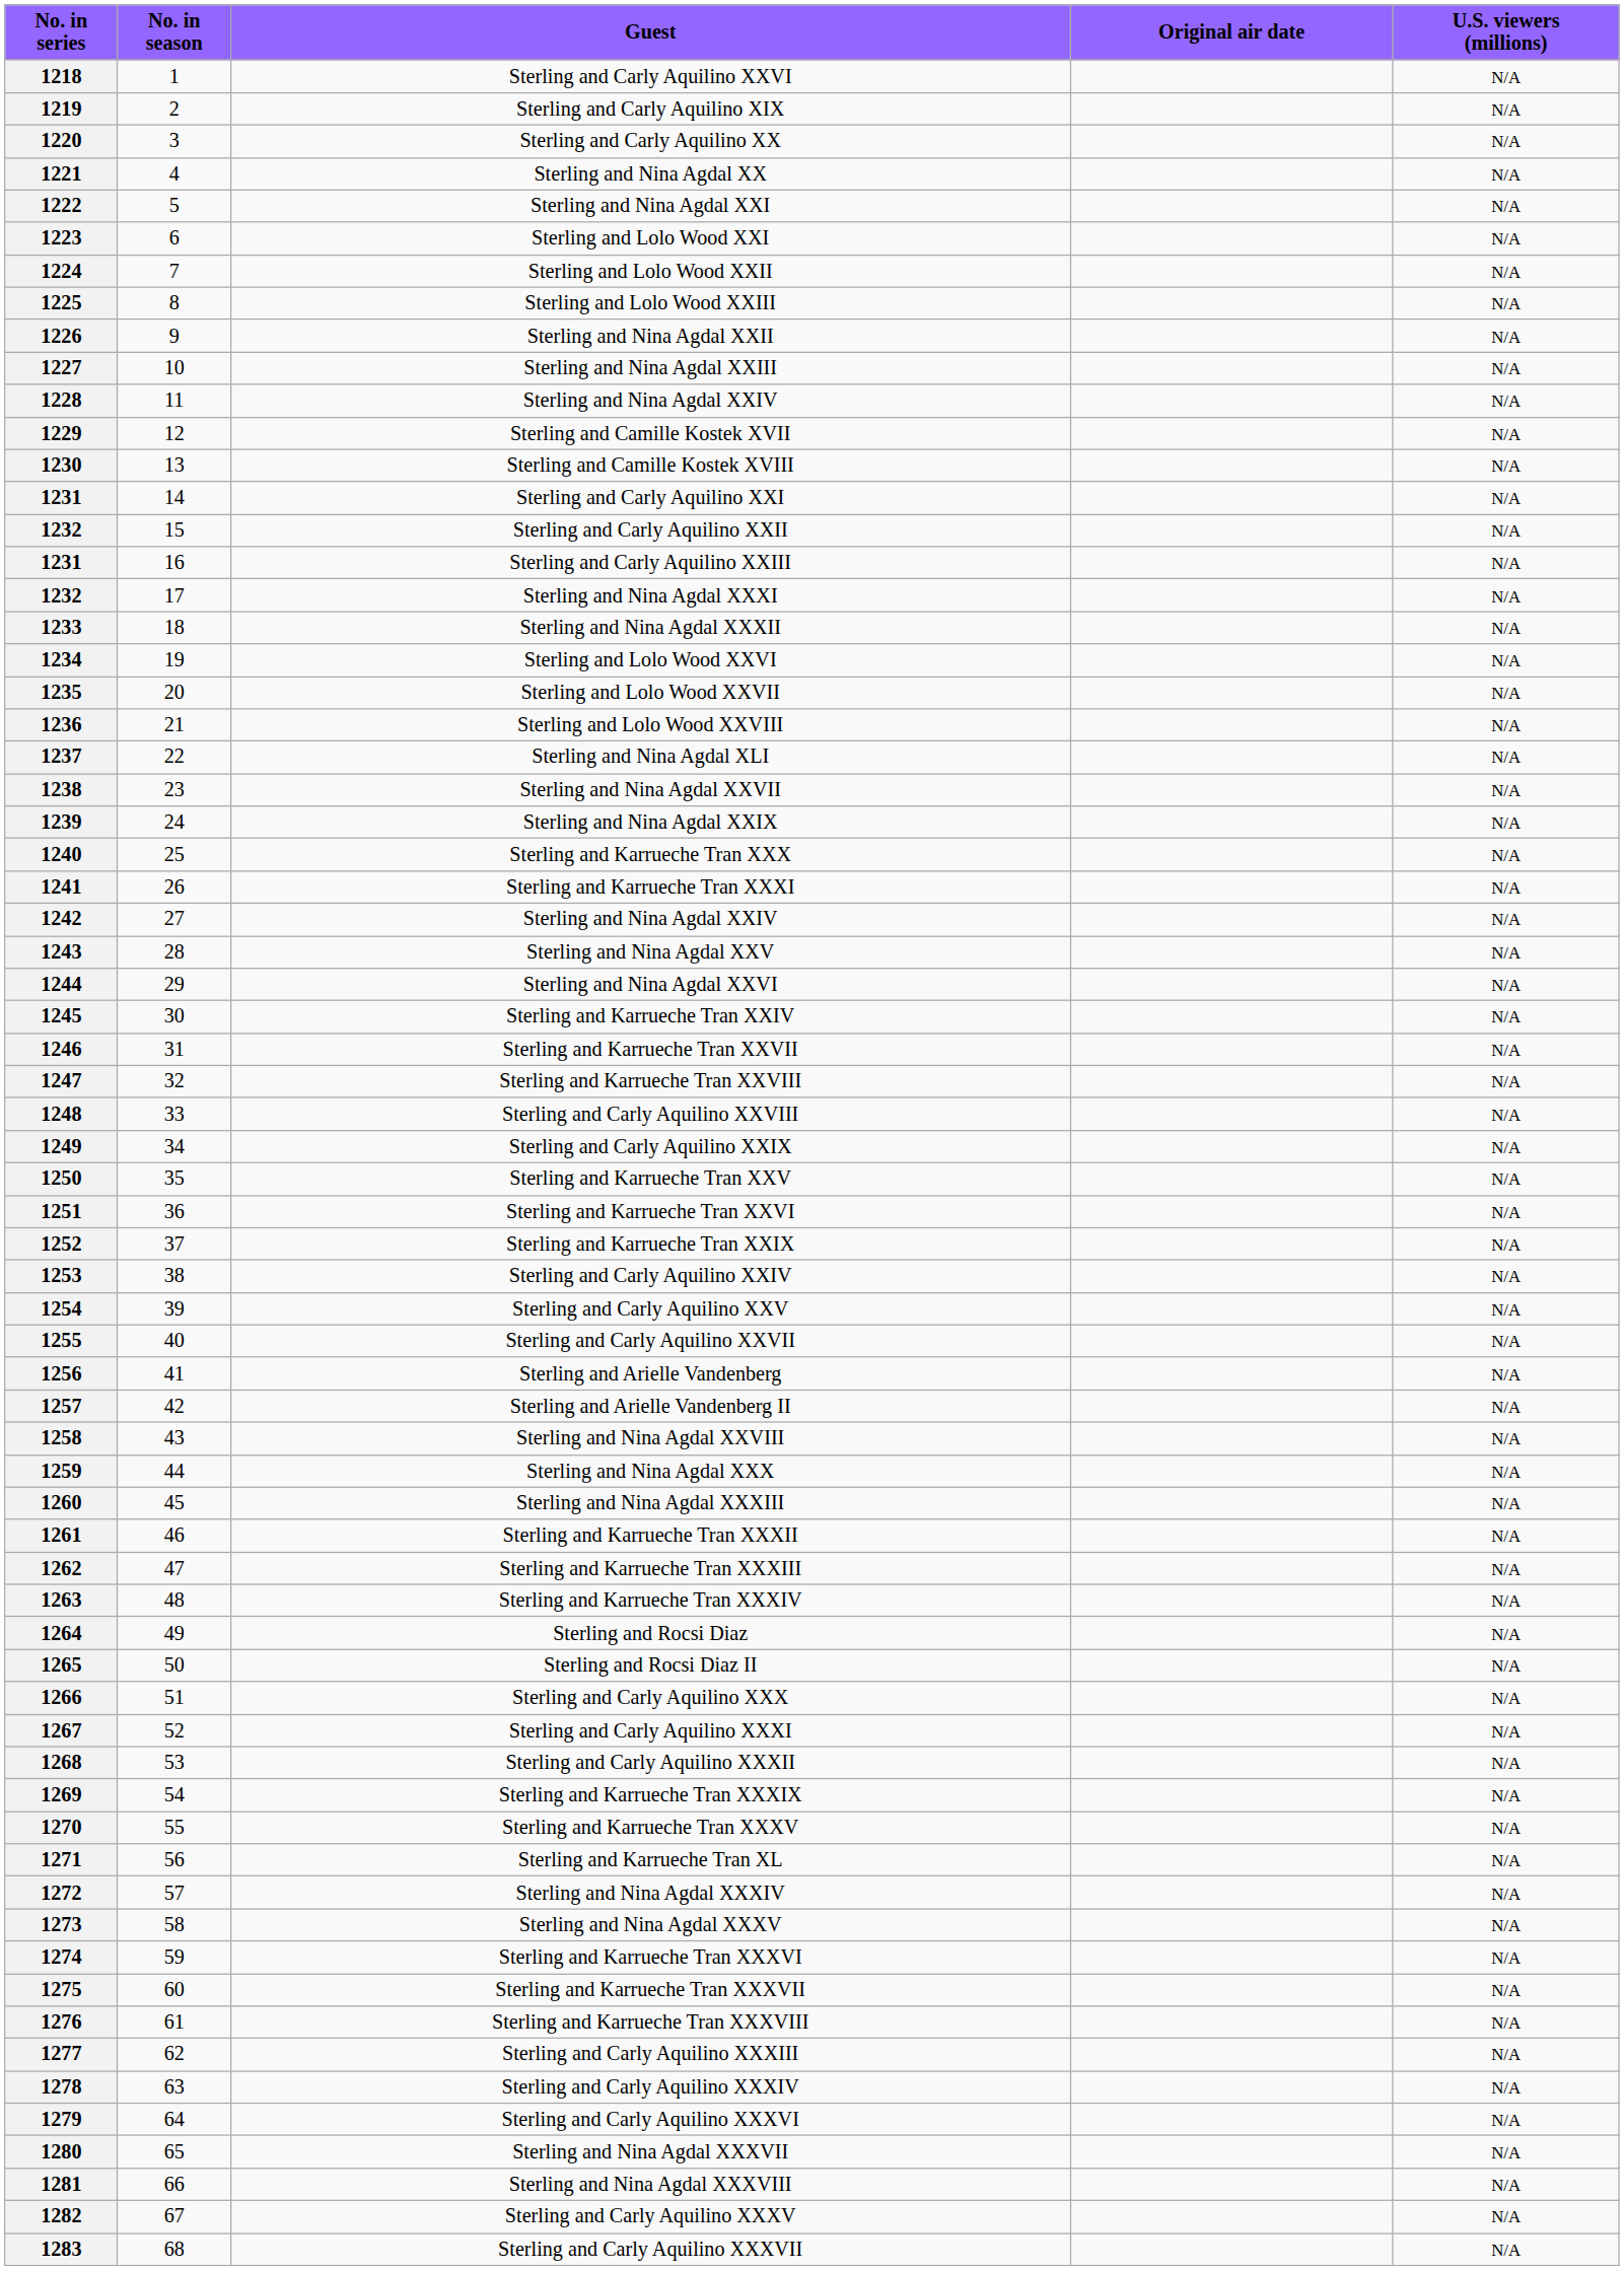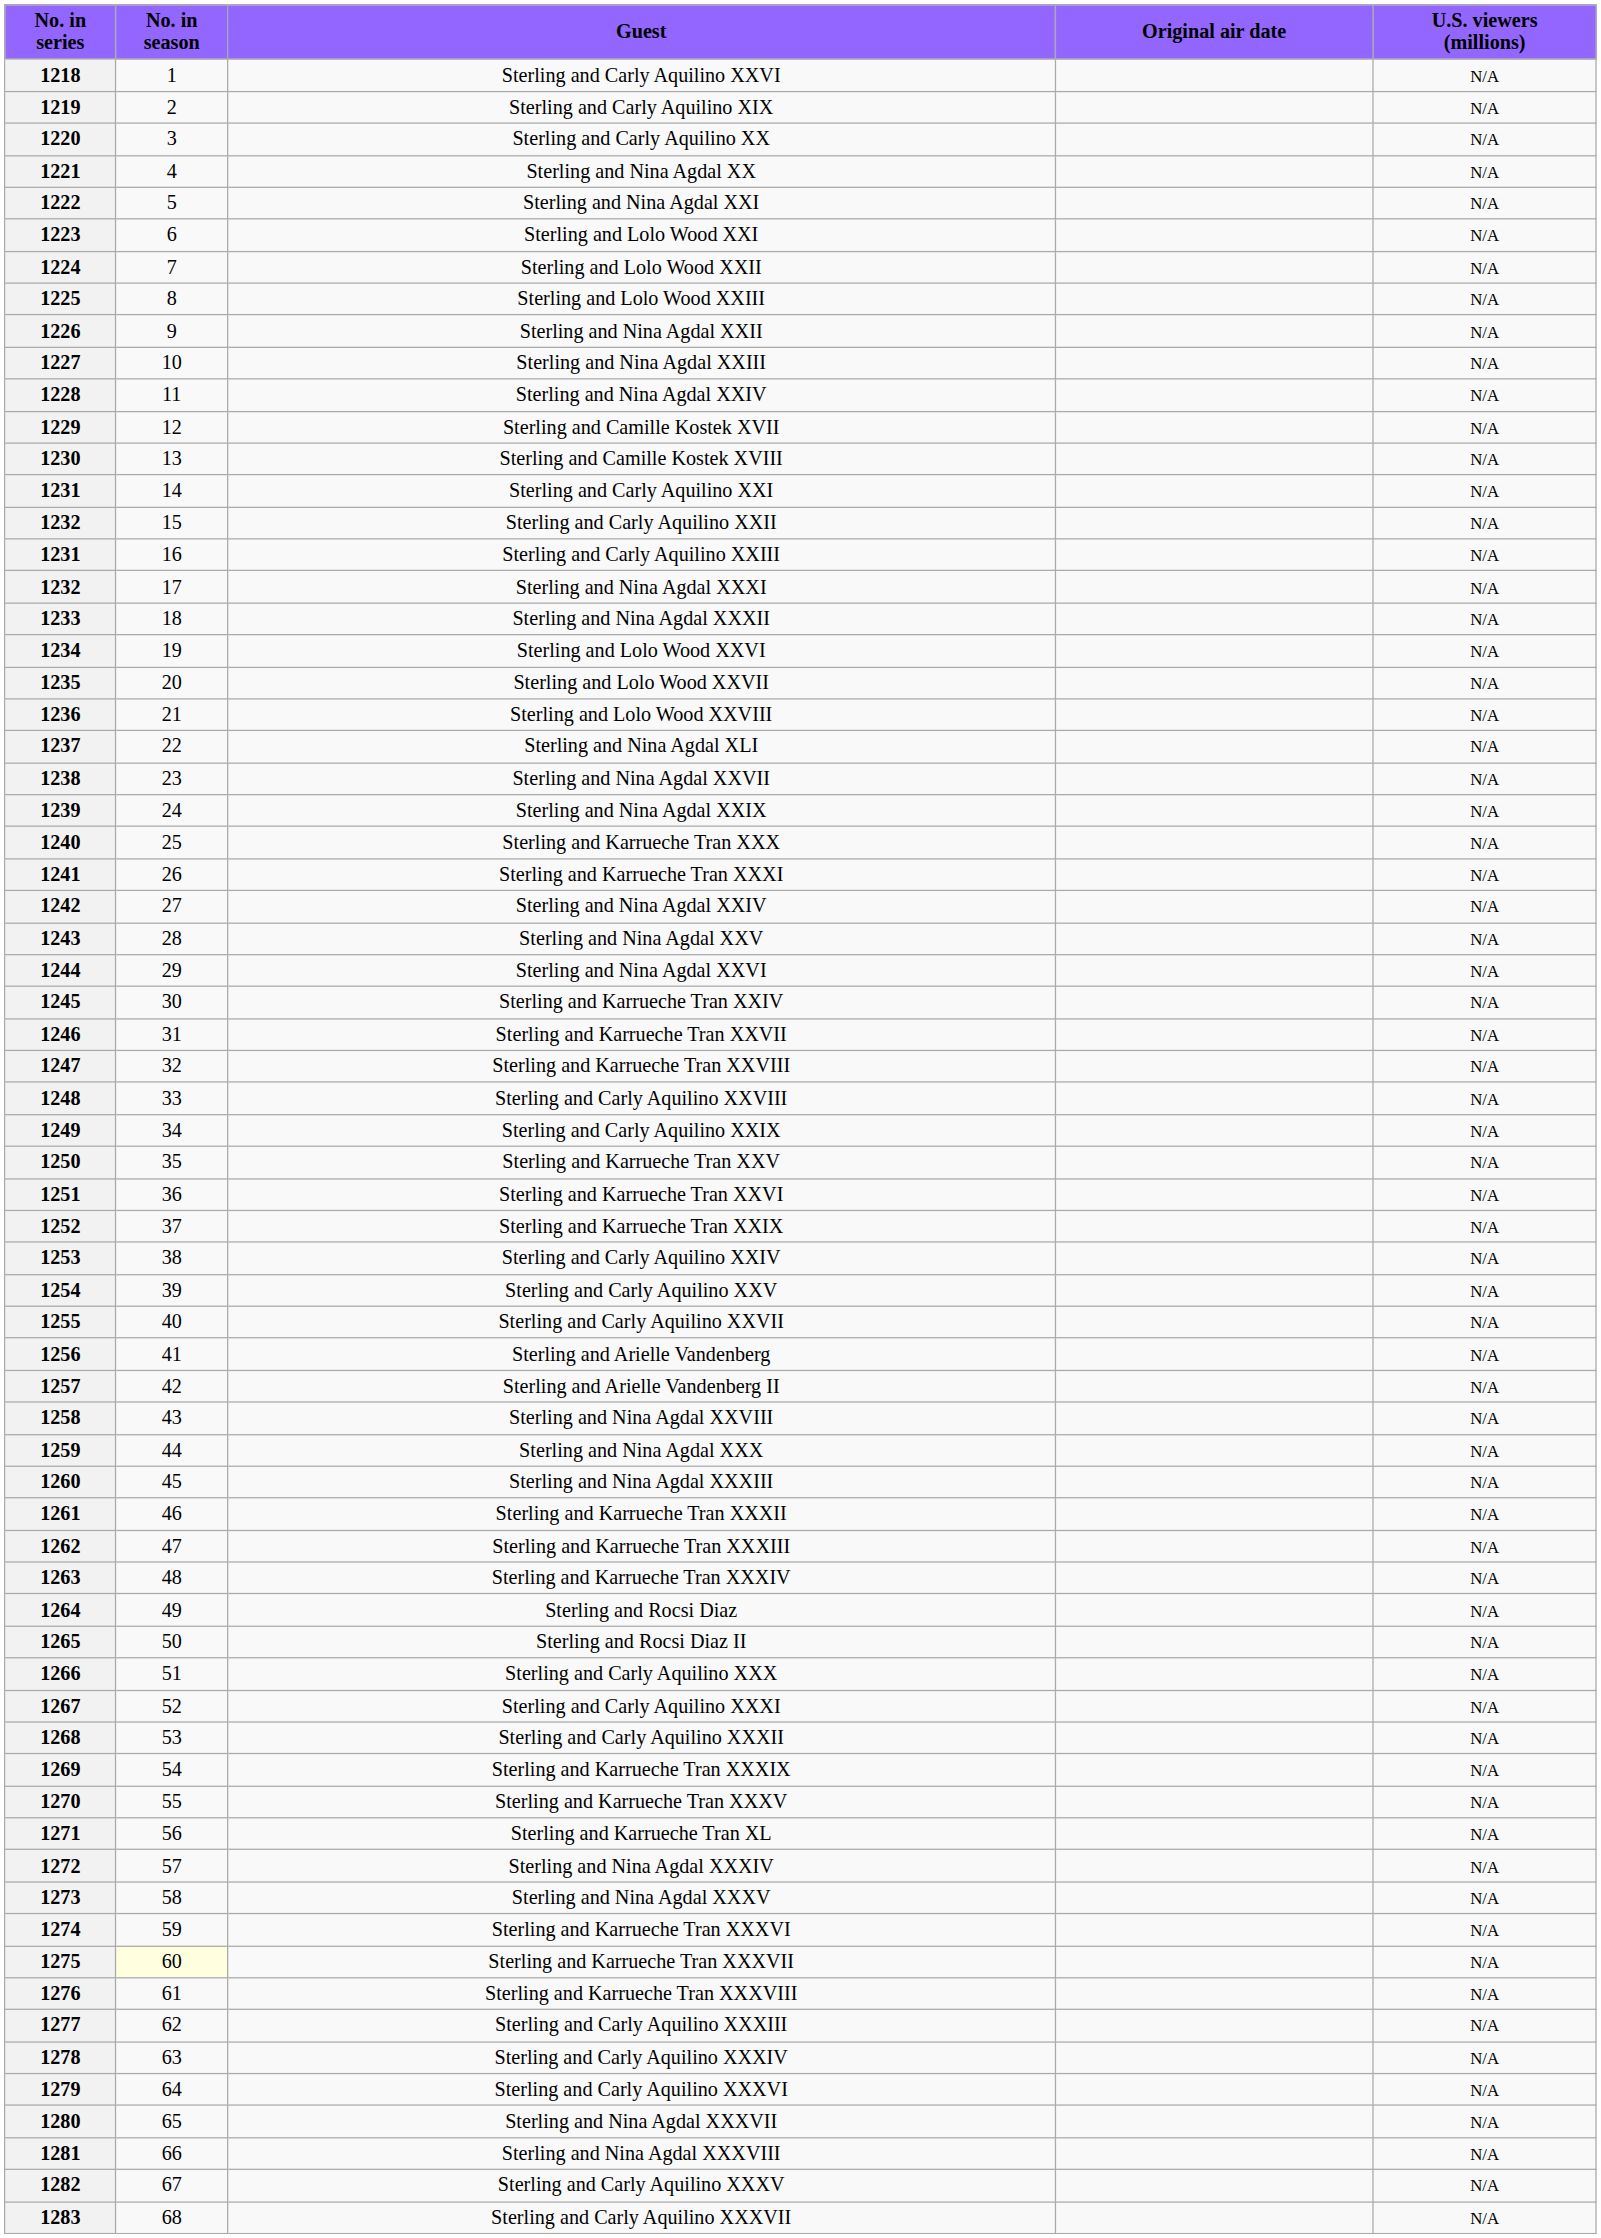 <table class="wikitable plainrowheaders" style="width:100%;text-align: center">
 <tr>
 <th scope="col" style="background-color: #9366FF; color: #000000;" width=7%>No. in<br>series</th>
 <th scope="col" style="background-color: #9366FF; color: #000000;" width=7%>No. in<br>season</th>
 <th scope="col" style="background-color: #9366FF; color: #000000;">Guest</th>
 <th scope="col" style="background-color: #9366FF; color: #000000;" width=20%>Original air date</th>
 <th scope="col" style="background-color: #9366FF; color: #000000;" width=14%>U.S. viewers<br>(millions)</th>
 </tr>
 <tr>
 <th>1218</th>
 <td>1</td>
 <td>Sterling and Carly Aquilino XXVI</td>
 <td></td>
 <td><span><small>N/A</small></span></td>
 </tr>
 <tr>
 <th>1219</th>
 <td>2</td>
 <td>Sterling and Carly Aquilino XIX</td>
 <td></td>
 <td><span><small>N/A</small></span></td>
 </tr>
 <tr>
 <th>1220</th>
 <td>3</td>
 <td>Sterling and Carly Aquilino XX</td>
 <td></td>
 <td><span><small>N/A</small></span></td>
 </tr>
 <tr>
 <th>1221</th>
 <td>4</td>
 <td>Sterling and Nina Agdal XX</td>
 <td></td>
 <td><span><small>N/A</small></span></td>
 </tr>
 <tr>
 <th>1222</th>
 <td>5</td>
 <td>Sterling and Nina Agdal XXI</td>
 <td></td>
 <td><span><small>N/A</small></span></td>
 </tr>
 <tr>
 <th>1223</th>
 <td>6</td>
 <td>Sterling and Lolo Wood XXI</td>
 <td></td>
 <td><span><small>N/A</small></span></td>
 </tr>
 <tr>
 <th>1224</th>
 <td>7</td>
 <td>Sterling and Lolo Wood XXII</td>
 <td></td>
 <td><span><small>N/A</small></span></td>
 </tr>
 <tr>
 <th>1225</th>
 <td>8</td>
 <td>Sterling and Lolo Wood XXIII</td>
 <td></td>
 <td><span><small>N/A</small></span></td>
 </tr>
 <tr>
 <th>1226</th>
 <td>9</td>
 <td>Sterling and Nina Agdal XXII</td>
 <td></td>
 <td><span><small>N/A</small></span></td>
 </tr>
 <tr>
 <th>1227</th>
 <td>10</td>
 <td>Sterling and Nina Agdal XXIII</td>
 <td></td>
 <td><span><small>N/A</small></span></td>
 </tr>
 <tr>
 <th>1228</th>
 <td>11</td>
 <td>Sterling and Nina Agdal XXIV</td>
 <td></td>
 <td><span><small>N/A</small></span></td>
 </tr>
 <tr>
 <th>1229</th>
 <td>12</td>
 <td>Sterling and Camille Kostek XVII</td>
 <td></td>
 <td><span><small>N/A</small></span></td>
 </tr>
 <tr>
 <th>1230</th>
 <td>13</td>
 <td>Sterling and Camille Kostek XVIII</td>
 <td></td>
 <td><span><small>N/A</small></span></td>
 </tr>
 <tr>
 <th>1231</th>
 <td>14</td>
 <td>Sterling and Carly Aquilino XXI</td>
 <td></td>
 <td><span><small>N/A</small></span></td>
 </tr>
 <tr>
 <th>1232</th>
 <td>15</td>
 <td>Sterling and Carly Aquilino XXII</td>
 <td></td>
 <td><span><small>N/A</small></span></td>
 </tr>
 <tr>
 <th>1231</th>
 <td>16</td>
 <td>Sterling and Carly Aquilino XXIII</td>
 <td></td>
 <td><span><small>N/A</small></span></td>
 </tr>
 <tr>
 <th>1232</th>
 <td>17</td>
 <td>Sterling and Nina Agdal XXXI</td>
 <td></td>
 <td><span><small>N/A</small></span></td>
 </tr>
 <tr>
 <th>1233</th>
 <td>18</td>
 <td>Sterling and Nina Agdal XXXII</td>
 <td></td>
 <td><span><small>N/A</small></span></td>
 </tr>
 <tr>
 <th>1234</th>
 <td>19</td>
 <td>Sterling and Lolo Wood XXVI</td>
 <td></td>
 <td><span><small>N/A</small></span></td>
 </tr>
 <tr>
 <th>1235</th>
 <td>20</td>
 <td>Sterling and Lolo Wood XXVII</td>
 <td></td>
 <td><span><small>N/A</small></span></td>
 </tr>
 <tr>
 <th>1236</th>
 <td>21</td>
 <td>Sterling and Lolo Wood XXVIII</td>
 <td></td>
 <td><span><small>N/A</small></span></td>
 </tr>
 <tr>
 <th>1237</th>
 <td>22</td>
 <td>Sterling and Nina Agdal XLI</td>
 <td></td>
 <td><span><small>N/A</small></span></td>
 </tr>
 <tr>
 <th>1238</th>
 <td>23</td>
 <td>Sterling and Nina Agdal XXVII</td>
 <td></td>
 <td><span><small>N/A</small></span></td>
 </tr>
 <tr>
 <th>1239</th>
 <td>24</td>
 <td>Sterling and Nina Agdal XXIX</td>
 <td></td>
 <td><span><small>N/A</small></span></td>
 </tr>
 <tr>
 <th>1240</th>
 <td>25</td>
 <td>Sterling and Karrueche Tran XXX</td>
 <td></td>
 <td><span><small>N/A</small></span></td>
 </tr>
 <tr>
 <th>1241</th>
 <td>26</td>
 <td>Sterling and Karrueche Tran XXXI</td>
 <td></td>
 <td><span><small>N/A</small></span></td>
 </tr>
 <tr>
 <th>1242</th>
 <td>27</td>
 <td>Sterling and Nina Agdal XXIV</td>
 <td></td>
 <td><span><small>N/A</small></span></td>
 </tr>
 <tr>
 <th>1243</th>
 <td>28</td>
 <td>Sterling and Nina Agdal XXV</td>
 <td></td>
 <td><span><small>N/A</small></span></td>
 </tr>
 <tr>
 <th>1244</th>
 <td>29</td>
 <td>Sterling and Nina Agdal XXVI</td>
 <td></td>
 <td><span><small>N/A</small></span></td>
 </tr>
 <tr>
 <th>1245</th>
 <td>30</td>
 <td>Sterling and Karrueche Tran XXIV</td>
 <td></td>
 <td><span><small>N/A</small></span></td>
 </tr>
 <tr>
 <th>1246</th>
 <td>31</td>
 <td>Sterling and Karrueche Tran XXVII</td>
 <td></td>
 <td><span><small>N/A</small></span></td>
 </tr>
 <tr>
 <th>1247</th>
 <td>32</td>
 <td>Sterling and Karrueche Tran XXVIII</td>
 <td></td>
 <td><span><small>N/A</small></span></td>
 </tr>
 <tr>
 <th>1248</th>
 <td>33</td>
 <td>Sterling and Carly Aquilino XXVIII</td>
 <td></td>
 <td><span><small>N/A</small></span></td>
 </tr>
 <tr>
 <th>1249</th>
 <td>34</td>
 <td>Sterling and Carly Aquilino XXIX</td>
 <td></td>
 <td><span><small>N/A</small></span></td>
 </tr>
 <tr>
 <th>1250</th>
 <td>35</td>
 <td>Sterling and Karrueche Tran XXV</td>
 <td></td>
 <td><span><small>N/A</small></span></td>
 </tr>
 <tr>
 <th>1251</th>
 <td>36</td>
 <td>Sterling and Karrueche Tran XXVI</td>
 <td></td>
 <td><span><small>N/A</small></span></td>
 </tr>
 <tr>
 <th>1252</th>
 <td>37</td>
 <td>Sterling and Karrueche Tran XXIX</td>
 <td></td>
 <td><span><small>N/A</small></span></td>
 </tr>
 <tr>
 <th>1253</th>
 <td>38</td>
 <td>Sterling and Carly Aquilino XXIV</td>
 <td></td>
 <td><span><small>N/A</small></span></td>
 </tr>
 <tr>
 <th>1254</th>
 <td>39</td>
 <td>Sterling and Carly Aquilino XXV</td>
 <td></td>
 <td><span><small>N/A</small></span></td>
 </tr>
 <tr>
 <th>1255</th>
 <td>40</td>
 <td>Sterling and Carly Aquilino XXVII</td>
 <td></td>
 <td><span><small>N/A</small></span></td>
 </tr>
 <tr>
 <th>1256</th>
 <td>41</td>
 <td>Sterling and Arielle Vandenberg</td>
 <td></td>
 <td><span><small>N/A</small></span></td>
 </tr>
 <tr>
 <th>1257</th>
 <td>42</td>
 <td>Sterling and Arielle Vandenberg II</td>
 <td></td>
 <td><span><small>N/A</small></span></td>
 </tr>
 <tr>
 <th>1258</th>
 <td>43</td>
 <td>Sterling and Nina Agdal XXVIII</td>
 <td></td>
 <td><span><small>N/A</small></span></td>
 </tr>
 <tr>
 <th>1259</th>
 <td>44</td>
 <td>Sterling and Nina Agdal XXX</td>
 <td></td>
 <td><span><small>N/A</small></span></td>
 </tr>
 <tr>
 <th>1260</th>
 <td>45</td>
 <td>Sterling and Nina Agdal XXXIII</td>
 <td></td>
 <td><span><small>N/A</small></span></td>
 </tr>
 <tr>
 <th>1261</th>
 <td>46</td>
 <td>Sterling and Karrueche Tran XXXII</td>
 <td></td>
 <td><span><small>N/A</small></span></td>
 </tr>
 <tr>
 <th>1262</th>
 <td>47</td>
 <td>Sterling and Karrueche Tran XXXIII</td>
 <td></td>
 <td><span><small>N/A</small></span></td>
 </tr>
 <tr>
 <th>1263</th>
 <td>48</td>
 <td>Sterling and Karrueche Tran XXXIV</td>
 <td></td>
 <td><span><small>N/A</small></span></td>
 </tr>
 <tr>
 <th>1264</th>
 <td>49</td>
 <td>Sterling and Rocsi Diaz</td>
 <td></td>
 <td><span><small>N/A</small></span></td>
 </tr>
 <tr>
 <th>1265</th>
 <td>50</td>
 <td>Sterling and Rocsi Diaz II</td>
 <td></td>
 <td><span><small>N/A</small></span></td>
 </tr>
 <tr>
 <th>1266</th>
 <td>51</td>
 <td>Sterling and Carly Aquilino XXX</td>
 <td></td>
 <td><span><small>N/A</small></span></td>
 </tr>
 <tr>
 <th>1267</th>
 <td>52</td>
 <td>Sterling and Carly Aquilino XXXI</td>
 <td></td>
 <td><span><small>N/A</small></span></td>
 </tr>
 <tr>
 <th>1268</th>
 <td>53</td>
 <td>Sterling and Carly Aquilino XXXII</td>
 <td></td>
 <td><span><small>N/A</small></span></td>
 </tr>
 <tr>
 <th>1269</th>
 <td>54</td>
 <td>Sterling and Karrueche Tran XXXIX</td>
 <td></td>
 <td><span><small>N/A</small></span></td>
 </tr>
 <tr>
 <th>1270</th>
 <td>55</td>
 <td>Sterling and Karrueche Tran XXXV</td>
 <td></td>
 <td><span><small>N/A</small></span></td>
 </tr>
 <tr>
 <th>1271</th>
 <td>56</td>
 <td>Sterling and Karrueche Tran XL</td>
 <td></td>
 <td><span><small>N/A</small></span></td>
 </tr>
 <tr>
 <th>1272</th>
 <td>57</td>
 <td>Sterling and Nina Agdal XXXIV</td>
 <td></td>
 <td><span><small>N/A</small></span></td>
 </tr>
 <tr>
 <th>1273</th>
 <td>58</td>
 <td>Sterling and Nina Agdal XXXV</td>
 <td></td>
 <td><span><small>N/A</small></span></td>
 </tr>
 <tr>
 <th>1274</th>
 <td>59</td>
 <td>Sterling and Karrueche Tran XXXVI</td>
 <td></td>
 <td><span><small>N/A</small></span></td>
 </tr>
 <tr>
 <th>1275</th>
-<td>60</td>
+<td style="background: lightyellow;">60</td>
 <td>Sterling and Karrueche Tran XXXVII</td>
 <td></td>
 <td><span><small>N/A</small></span></td>
 </tr>
 <tr>
 <th>1276</th>
 <td>61</td>
 <td>Sterling and Karrueche Tran XXXVIII</td>
 <td></td>
 <td><span><small>N/A</small></span></td>
 </tr>
 <tr>
 <th>1277</th>
 <td>62</td>
 <td>Sterling and Carly Aquilino XXXIII</td>
 <td></td>
 <td><span><small>N/A</small></span></td>
 </tr>
 <tr>
 <th>1278</th>
 <td>63</td>
 <td>Sterling and Carly Aquilino XXXIV</td>
 <td></td>
 <td><span><small>N/A</small></span></td>
 </tr>
 <tr>
 <th>1279</th>
 <td>64</td>
 <td>Sterling and Carly Aquilino XXXVI</td>
 <td></td>
 <td><span><small>N/A</small></span></td>
 </tr>
 <tr>
 <th>1280</th>
 <td>65</td>
 <td>Sterling and Nina Agdal XXXVII</td>
 <td></td>
 <td><span><small>N/A</small></span></td>
 </tr>
 <tr>
 <th>1281</th>
 <td>66</td>
 <td>Sterling and Nina Agdal XXXVIII</td>
 <td></td>
 <td><span><small>N/A</small></span></td>
 </tr>
 <tr>
 <th>1282</th>
 <td>67</td>
 <td>Sterling and Carly Aquilino XXXV</td>
 <td></td>
 <td><span><small>N/A</small></span></td>
 </tr>
 <tr>
 <th>1283</th>
 <td>68</td>
 <td>Sterling and Carly Aquilino XXXVII</td>
 <td></td>
 <td><span><small>N/A</small></span></td>
 </tr>
 </table>
